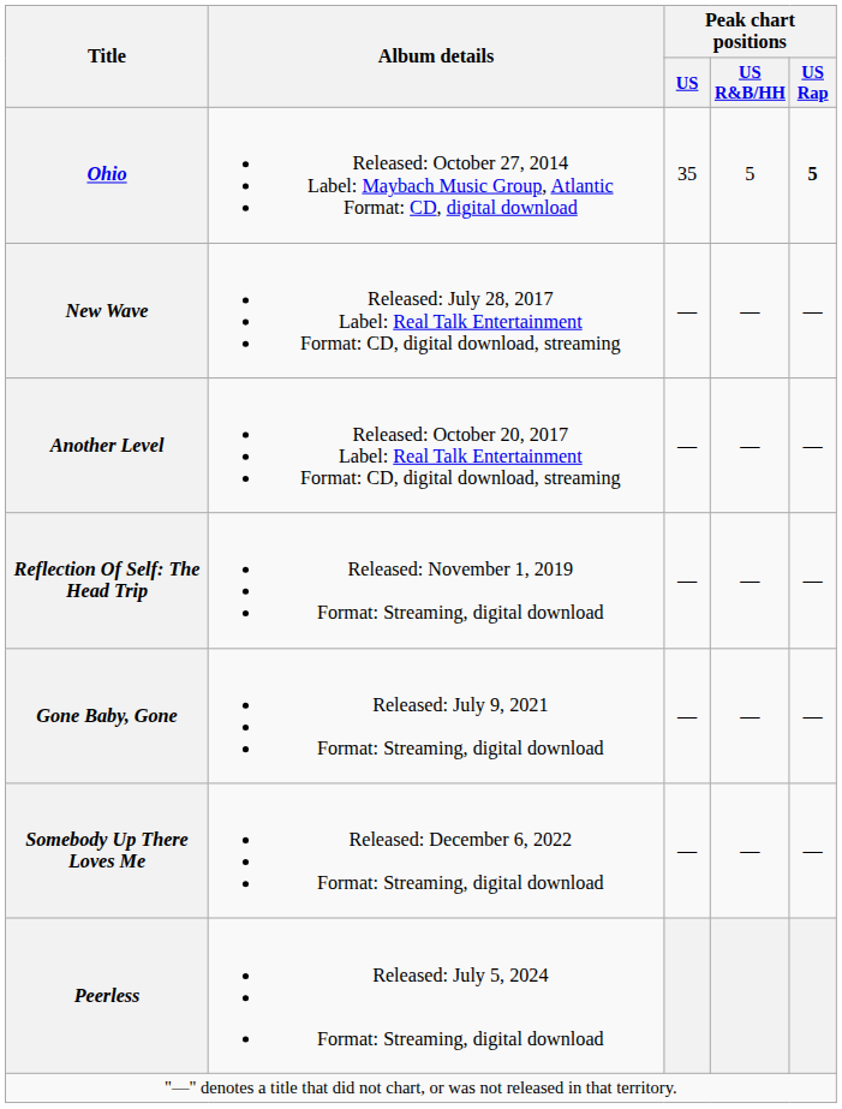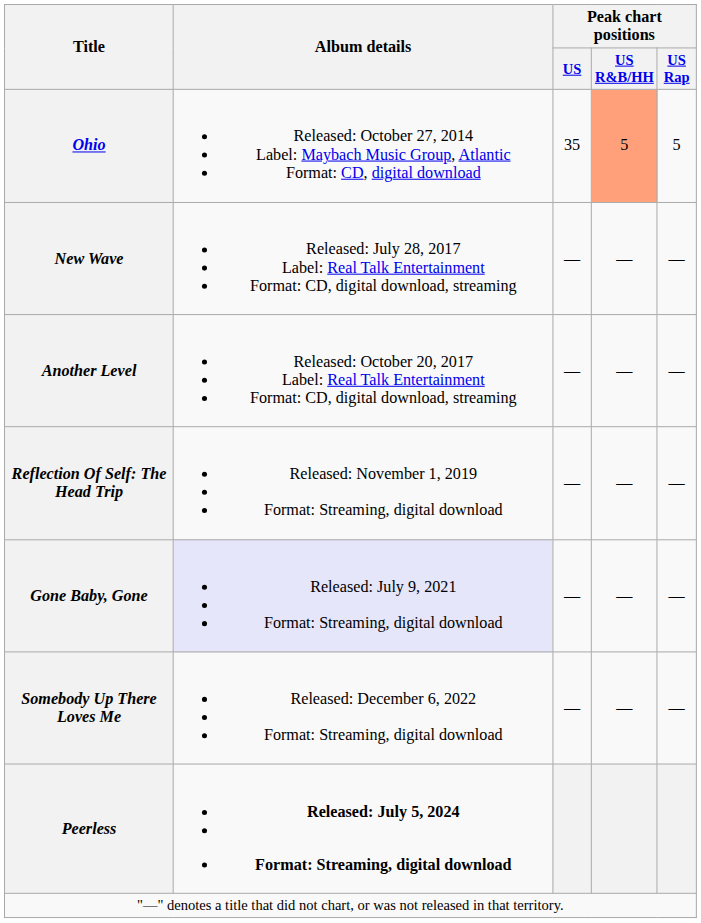 <table class="wikitable plainrowheaders" style="text-align:center;">
 <tr>
 <th scope="col" rowspan="2" style="width:10em;">Title</th>
 <th scope="col" rowspan="2" style="width:23em;">Album details</th>
 <th scope="col" colspan="4">Peak chart positions</th>
 </tr>
 <tr>
 <th scope="col" style="width:2.2em;font-size:90%;"><a href='#'>US</a></th>
 <th scope="col" style="width:2.2em;font-size:90%;"><a href='#'>US<br>R&B/HH</a></th>
 <th scope="col" style="width:2.2em;font-size:90%;"><a href='#'>US Rap</a></th>
 </tr>
 <tr>
 <th scope="row"><em><a href='#'>Ohio</a></em></th>
 <td><br><ul><li>Released: October 27, 2014</li><li>Label: <a href='#'>Maybach Music Group</a>, <a href='#'>Atlantic</a></li><li>Format: <a href='#'>CD</a>, <a href='#'>digital download</a></li></ul></td>
 <td>35</td>
+<td style="background: lightsalmon;">5</td>
 <td>5</td>
-<td><strong>5</strong></td>
 </tr>
 <tr>
 <th scope="row"><em>New Wave</em></th>
 <td><br><ul><li>Released: July 28, 2017</li><li>Label: <a href='#'>Real Talk Entertainment</a></li><li>Format: CD, digital download, streaming</li></ul></td>
 <td>—</td>
 <td>—</td>
 <td>—</td>
 </tr>
 <tr>
 <th scope="row"><em>Another Level</em></th>
 <td><br><ul><li>Released: October 20, 2017</li><li>Label: <a href='#'>Real Talk Entertainment</a></li><li>Format: CD, digital download, streaming</li></ul></td>
 <td>—</td>
 <td>—</td>
 <td>—</td>
 </tr>
 <tr>
 <th scope="row"><em>Reflection Of Self: The Head Trip </em></th>
 <td><br><ul><li>Released: November 1, 2019</li><li></li><li>Format: Streaming, digital download</li></ul></td>
 <td>—</td>
 <td>—</td>
 <td>—</td>
 </tr>
 <tr>
 <th scope="row"><em>Gone Baby, Gone</em></th>
-<td><br><ul><li>Released: July 9, 2021</li><li></li><li>Format: Streaming, digital download</li></ul></td>
+<td style="background: lavender;"><br><ul><li>Released: July 9, 2021</li><li></li><li>Format: Streaming, digital download</li></ul></td>
 <td>—</td>
 <td>—</td>
 <td>—</td>
 </tr>
 <tr>
 <th scope="row"><em>Somebody Up There Loves Me</em></th>
 <td><br><ul><li>Released: December 6, 2022</li><li></li><li>Format: Streaming, digital download</li></ul></td>
 <td>—</td>
 <td>—</td>
 <td>—</td>
 </tr>
 <tr>
 <th scope="row"><em>Peerless</em></th>
-<td><br><ul><li>Released: July 5, 2024</li><li></li></ul><ul><li>Format: Streaming, digital download</li></ul></td>
+<td><strong><br><ul><li>Released: July 5, 2024</li><li></li></ul><ul><li>Format: Streaming, digital download</li></ul></strong></td>
 <th></th>
 <th></th>
 <th></th>
 </tr>
 <tr>
 <td colspan="14" style="font-size:90%">"—" denotes a title that did not chart, or was not released in that territory.</td>
 </tr>
 </table>
